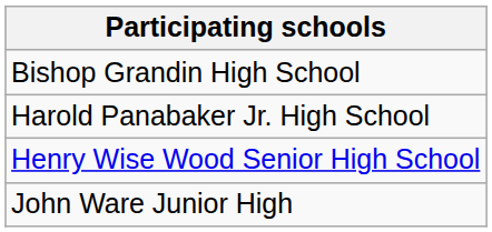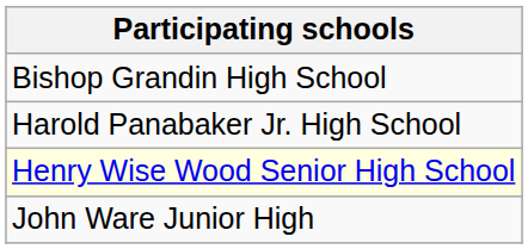 <table class="wikitable" align=right>
 <tr>
 <th>Participating schools</th>
 </tr>
 <tr>
 <td>Bishop Grandin High School</td>
 </tr>
 <tr>
 <td>Harold Panabaker Jr. High School</td>
 </tr>
 <tr>
-<td><a href='#'>Henry Wise Wood Senior High School</a></td>
+<td style="background: lightyellow;"><a href='#'>Henry Wise Wood Senior High School</a></td>
 </tr>
 <tr>
 <td>John Ware Junior High</td>
 </tr>
 </table>
